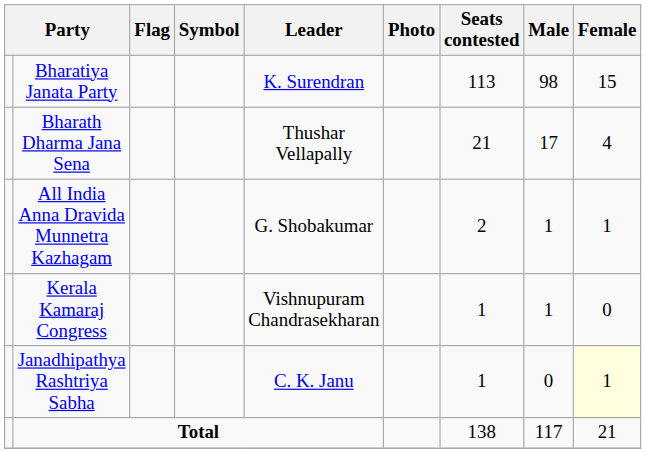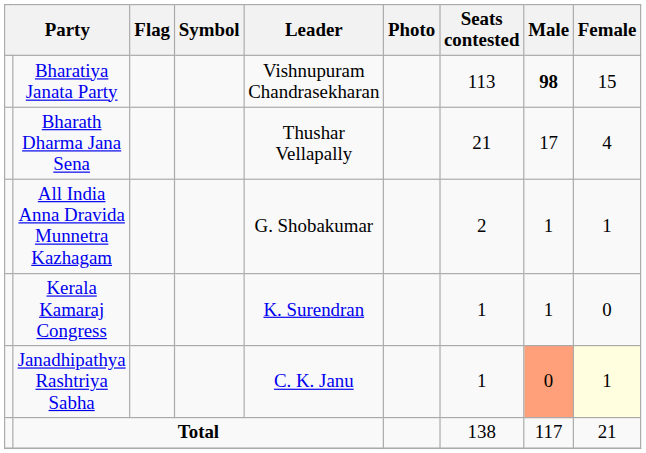 <table class="wikitable" width="60%" style="text-align:center">
 <tr>
 <th colspan="2">Party</th>
 <th>Flag</th>
 <th>Symbol</th>
 <th>Leader</th>
 <th>Photo</th>
 <th>Seats contested</th>
 <th>Male</th>
 <th>Female</th>
 </tr>
 <tr>
 <td></td>
 <td><a href='#'>Bharatiya Janata Party</a></td>
 <td></td>
 <td></td>
-<td><a href='#'>K. Surendran</a></td>
+<td>Vishnupuram Chandrasekharan</td>
 <td></td>
 <td>113</td>
-<td>98</td>
+<td><strong>98</strong></td>
 <td>15</td>
 </tr>
 <tr>
 <td></td>
 <td><a href='#'>Bharath Dharma Jana Sena</a></td>
 <td></td>
 <td></td>
 <td>Thushar Vellapally</td>
 <td></td>
 <td>21</td>
 <td>17</td>
 <td>4</td>
 </tr>
 <tr>
 <td></td>
 <td><a href='#'>All India Anna Dravida Munnetra Kazhagam</a></td>
 <td></td>
 <td></td>
 <td>G. Shobakumar</td>
 <td></td>
 <td>2</td>
 <td>1</td>
 <td>1</td>
 </tr>
 <tr>
 <td></td>
 <td><a href='#'>Kerala Kamaraj Congress</a></td>
 <td></td>
 <td></td>
-<td>Vishnupuram Chandrasekharan</td>
+<td><a href='#'>K. Surendran</a></td>
 <td></td>
 <td>1</td>
 <td>1</td>
 <td>0</td>
 </tr>
 <tr>
 <td></td>
 <td><a href='#'>Janadhipathya Rashtriya Sabha</a></td>
 <td></td>
 <td></td>
 <td><a href='#'>C. K. Janu</a></td>
 <td></td>
 <td>1</td>
-<td>0</td>
+<td style="background: lightsalmon;">0</td>
 <td style="background: lightyellow;">1</td>
 </tr>
 <tr>
 <td></td>
 <td colspan="4"><strong>Total</strong></td>
 <td></td>
 <td>138</td>
 <td>117</td>
 <td>21</td>
 </tr>
 <tr>
 </tr>
 </table>
